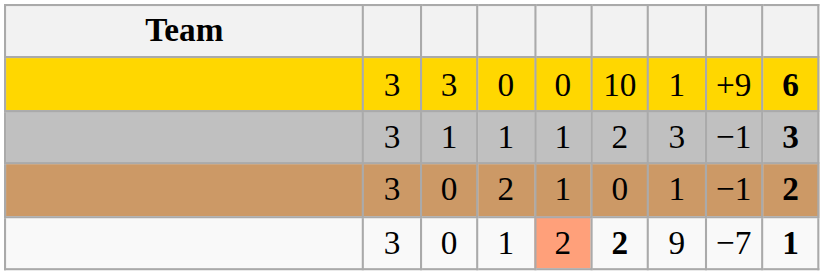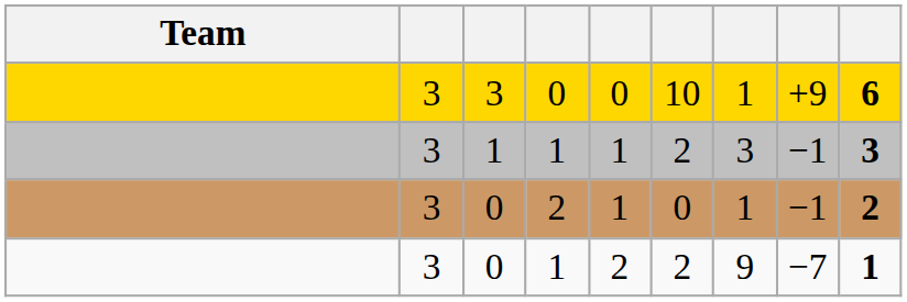 <table class="wikitable" style="text-align: center;">
 <tr>
 <th width=165>Team</th>
 <th width=20></th>
 <th width=20></th>
 <th width=20></th>
 <th width=20></th>
 <th width=20></th>
 <th width=20></th>
 <th width=20></th>
 <th width=20></th>
 </tr>
 <tr style="background:gold;">
 <td align=left></td>
 <td>3</td>
 <td>3</td>
 <td>0</td>
 <td>0</td>
 <td>10</td>
 <td>1</td>
 <td>+9</td>
 <td><strong>6</strong></td>
 </tr>
 <tr style="background:silver;">
 <td align=left></td>
 <td>3</td>
 <td>1</td>
 <td>1</td>
 <td>1</td>
 <td>2</td>
 <td>3</td>
 <td>−1</td>
 <td><strong>3</strong></td>
 </tr>
 <tr style="background:#c96;">
 <td align=left></td>
 <td>3</td>
 <td>0</td>
 <td>2</td>
 <td>1</td>
 <td>0</td>
 <td>1</td>
 <td>−1</td>
 <td><strong>2</strong></td>
 </tr>
 <tr>
 <td align=left></td>
 <td>3</td>
 <td>0</td>
 <td>1</td>
-<td style="background: lightsalmon;">2</td>
-<td><strong>2</strong></td>
+<td>2</td>
+<td>2</td>
 <td>9</td>
 <td>−7</td>
 <td><strong>1</strong></td>
 </tr>
 </table>
